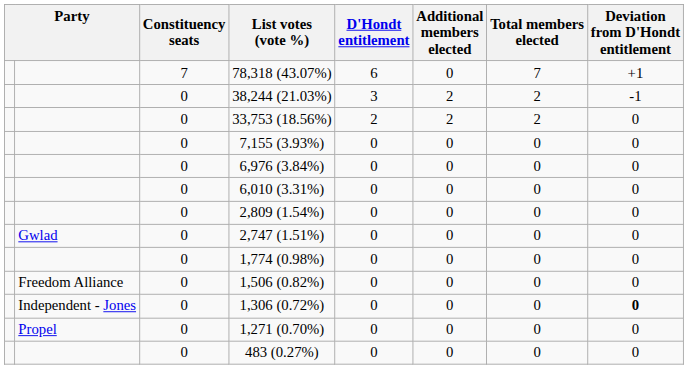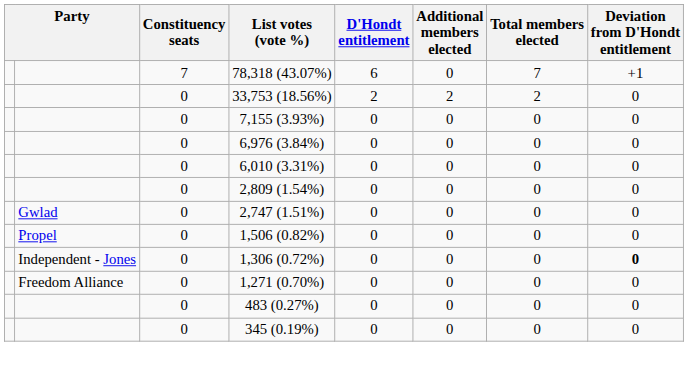 <table class="wikitable" style="text-align:center">
 <tr>
 <th colspan="2" rowspan="1" align="center" valign="top">Party</th>
 <th>Constituency<br>seats</th>
 <th>List votes<br>(vote %)</th>
 <th><a href='#'>D'Hondt<br>entitlement</a></th>
 <th>Additional<br>members<br>elected</th>
 <th>Total members<br>elected</th>
 <th>Deviation<br>from D'Hondt<br>entitlement</th>
 </tr>
 <tr>
 <td style="width: 4px"></td>
 <td style="text-align: left;" scope="row"><a href='#'></a></td>
 <td>7</td>
 <td>78,318 (43.07%)</td>
 <td>6</td>
 <td>0</td>
 <td>7</td>
 <td>+1</td>
-</tr>
-<tr>
-<td style="width: 4px"></td>
-<td style="text-align: left;" scope="row"><a href='#'></a></td>
-<td>0</td>
-<td>38,244 (21.03%)</td>
-<td>3</td>
-<td>2</td>
-<td>2</td>
-<td>-1</td>
 </tr>
 <tr>
 <td style="width: 4px"></td>
 <td style="text-align: left;" scope="row"><a href='#'></a></td>
 <td>0</td>
 <td>33,753 (18.56%)</td>
 <td>2</td>
 <td>2</td>
 <td>2</td>
 <td>0</td>
 </tr>
 <tr>
 <td style="width: 4px"></td>
 <td style="text-align: left;" scope="row"><a href='#'></a></td>
 <td>0</td>
 <td>7,155 (3.93%)</td>
 <td>0</td>
 <td>0</td>
 <td>0</td>
 <td>0</td>
 </tr>
 <tr>
 <td style="width: 4px"></td>
 <td style="text-align: left;" scope="row"><a href='#'></a></td>
 <td>0</td>
 <td>6,976 (3.84%)</td>
 <td>0</td>
 <td>0</td>
 <td>0</td>
 <td>0</td>
 </tr>
 <tr>
 <td style="width: 4px"></td>
 <td style="text-align: left;" scope="row"><a href='#'></a></td>
 <td>0</td>
 <td>6,010 (3.31%)</td>
 <td>0</td>
 <td>0</td>
 <td>0</td>
 <td>0</td>
 </tr>
 <tr>
 <td style="width: 4px"></td>
 <td style="text-align: left;" scope="row"><a href='#'></a></td>
 <td>0</td>
 <td>2,809 (1.54%)</td>
 <td>0</td>
 <td>0</td>
 <td>0</td>
 <td>0</td>
 </tr>
 <tr>
 <td style="width: 4px"></td>
 <td style="text-align: left;" scope="row"><a href='#'>Gwlad</a></td>
 <td>0</td>
 <td>2,747 (1.51%)</td>
 <td>0</td>
 <td>0</td>
 <td>0</td>
 <td>0</td>
 </tr>
 <tr>
 <td style="width: 4px"></td>
-<td style="text-align: left;" scope="row"><a href='#'></a></td>
-<td>0</td>
-<td>1,774 (0.98%)</td>
-<td>0</td>
-<td>0</td>
-<td>0</td>
-<td>0</td>
-</tr>
-<tr>
-<td style="width: 4px"></td>
-<td style="text-align: left;" scope="row">Freedom Alliance</td>
+<td style="text-align: left;" scope="row"><a href='#'>Propel</a></td>
 <td>0</td>
 <td>1,506 (0.82%)</td>
 <td>0</td>
 <td>0</td>
 <td>0</td>
 <td>0</td>
 </tr>
 <tr>
 <td style="width: 4px"></td>
 <td style="text-align: left;" scope="row">Independent - <a href='#'>Jones</a></td>
 <td>0</td>
 <td>1,306 (0.72%)</td>
 <td>0</td>
 <td>0</td>
 <td>0</td>
 <td><strong>0</strong></td>
 </tr>
 <tr |->
 <td style="width: 4px"></td>
-<td style="text-align: left;" scope="row"><a href='#'>Propel</a></td>
+<td style="text-align: left;" scope="row">Freedom Alliance</td>
 <td>0</td>
 <td>1,271 (0.70%)</td>
 <td>0</td>
 <td>0</td>
 <td>0</td>
 <td>0</td>
 </tr>
 <tr>
 <td style="width: 4px"></td>
 <td style="text-align: left;" scope="row"><a href='#'></a></td>
 <td>0</td>
 <td>483 (0.27%)</td>
 <td>0</td>
 <td>0</td>
 <td>0</td>
 <td>0</td>
 </tr>
+<tr>
+<td style="width: 4px"></td>
+<td style="text-align: left;" scope="row"><a href='#'></a></td>
+<td>0</td>
+<td>345 (0.19%)</td>
+<td>0</td>
+<td>0</td>
+<td>0</td>
+<td>0</td>
+</tr>
 </table>
